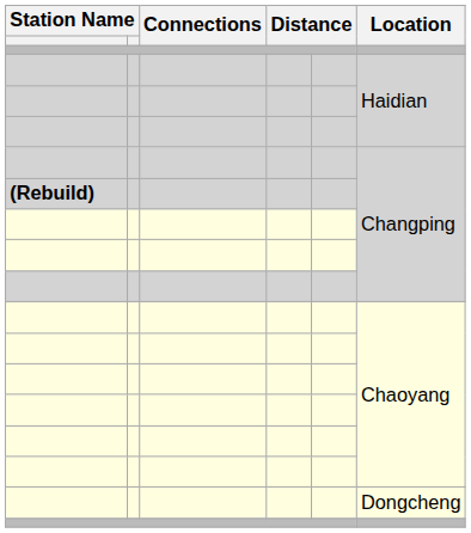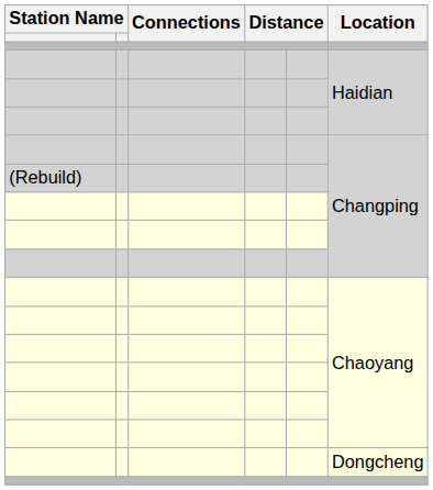 <table class="wikitable">
 <tr>
 <th colspan="2">Station Name</th>
 <th rowspan="2">Connections</th>
 <th colspan="2" rowspan="2">Distance<br></th>
 <th rowspan="2">Location</th>
 </tr>
 <tr>
 <th></th>
 <th></th>
 </tr>
 <tr style = "background:#bbbbbb; height: 2pt">
 <td colspan="5"></td>
 <td></td>
 </tr>
 <tr bgcolor="lightgrey">
 <td></td>
 <td></td>
 <td></td>
 <td> </td>
 <td> </td>
 <td rowspan="3">Haidian</td>
 </tr>
 <tr bgcolor="lightgrey">
 <td></td>
 <td></td>
 <td></td>
 <td> </td>
 <td> </td>
 </tr>
 <tr bgcolor="lightgrey">
 <td></td>
 <td></td>
 <td></td>
 <td> </td>
 <td> </td>
 </tr>
 <tr bgcolor="lightgrey">
 <td></td>
 <td></td>
 <td> </td>
 <td> </td>
 <td> </td>
 <td rowspan="5">Changping</td>
 </tr>
 <tr bgcolor="lightgrey">
-<td><strong> (Rebuild)</strong></td>
+<td> (Rebuild)</td>
 <td></td>
 <td></td>
 <td> </td>
 <td> </td>
 </tr>
 <tr bgcolor="lightyellow">
 <td></td>
 <td></td>
 <td></td>
 <td> </td>
 <td> </td>
 </tr>
 <tr bgcolor="lightyellow">
 <td></td>
 <td></td>
 <td></td>
 <td> </td>
 <td> </td>
 </tr>
 <tr bgcolor="lightgrey">
 <td></td>
 <td></td>
 <td></td>
 <td> </td>
 <td> </td>
 </tr>
 <tr bgcolor="lightyellow">
 <td></td>
 <td></td>
 <td></td>
 <td> </td>
 <td> </td>
 <td rowspan="6">Chaoyang</td>
 </tr>
 <tr bgcolor="lightyellow">
 <td></td>
 <td></td>
 <td></td>
 <td> </td>
 <td> </td>
 </tr>
 <tr bgcolor="lightyellow">
 <td></td>
 <td></td>
 <td> </td>
 <td> </td>
 <td> </td>
 </tr>
 <tr bgcolor="lightyellow">
 <td></td>
 <td></td>
 <td></td>
 <td> </td>
 <td> </td>
 </tr>
 <tr bgcolor="lightyellow">
 <td></td>
 <td></td>
 <td></td>
 <td> </td>
 <td> </td>
 </tr>
 <tr bgcolor="lightyellow">
 <td></td>
 <td></td>
 <td></td>
 <td> </td>
 <td> </td>
 </tr>
 <tr bgcolor="lightyellow">
 <td></td>
 <td></td>
 <td> </td>
 <td> </td>
 <td> </td>
 <td>Dongcheng</td>
 </tr>
 <tr style = "background:#bbbbbb; height: 2pt">
 <td colspan="5"></td>
 <td></td>
 </tr>
 </table>
